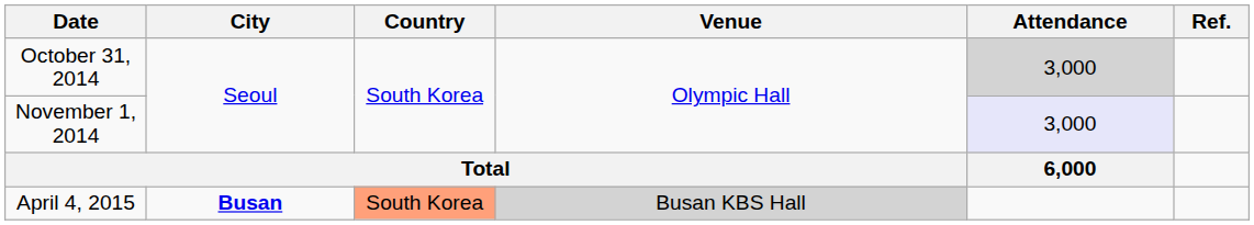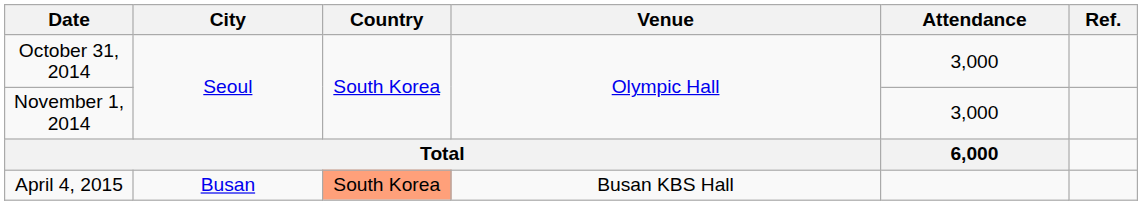 <table class="wikitable" style="text-align:center;">
 <tr>
 <th width="100">Date</th>
 <th width="150">City</th>
 <th width="100">Country</th>
 <th width="350">Venue</th>
 <th width="150">Attendance</th>
 <th width="50">Ref.</th>
 </tr>
 <tr>
 <td>October 31, 2014</td>
 <td rowspan="2"><a href='#'>Seoul</a></td>
 <td rowspan="2"><a href='#'>South Korea</a></td>
 <td rowspan="2"><a href='#'>Olympic Hall</a></td>
-<td style="background: lightgrey;">3,000 </td>
+<td>3,000 </td>
 <td></td>
 </tr>
 <tr>
 <td>November 1, 2014</td>
-<td style="background: lavender;">3,000</td>
+<td>3,000</td>
 <td></td>
 </tr>
 <tr>
 <th colspan=4><strong>Total</strong></th>
 <th><strong>6,000</strong></th>
 <td></td>
 </tr>
 <tr>
 <td>April 4, 2015</td>
-<td><strong><a href='#'>Busan</a></strong></td>
+<td><a href='#'>Busan</a></td>
 <td style="background: lightsalmon;">South Korea</td>
-<td style="background: lightgrey;">Busan KBS Hall</td>
+<td>Busan KBS Hall</td>
 <td></td>
 <td></td>
 </tr>
 </table>
